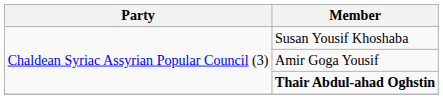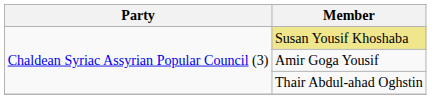 <table class=wikitable>
 <tr>
 <th>Party</th>
 <th>Member</th>
 </tr>
 <tr>
 <td rowspan=3><a href='#'>Chaldean Syriac Assyrian Popular Council</a> (3)</td>
-<td>Susan Yousif Khoshaba</td>
+<td style="background: khaki;">Susan Yousif Khoshaba</td>
 </tr>
 <tr>
 <td>Amir Goga Yousif</td>
 </tr>
 <tr>
-<td><strong>Thair Abdul-ahad Oghstin</strong></td>
+<td>Thair Abdul-ahad Oghstin</td>
 </tr>
 <tr>
 </tr>
 </table>
